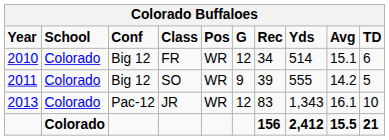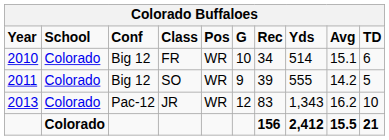 <table class="wikitable">
 <tr>
 <th colspan="15">Colorado Buffaloes</th>
 </tr>
 <tr>
 <td style="font-weight:bold;">Year</td>
 <td style="font-weight:bold;">School</td>
 <td style="font-weight:bold;">Conf</td>
 <td style="font-weight:bold;">Class</td>
 <td style="font-weight:bold;">Pos</td>
 <td style="font-weight:bold;">G</td>
 <td style="font-weight:bold;">Rec</td>
 <td style="font-weight:bold;">Yds</td>
 <td style="font-weight:bold;">Avg</td>
 <td style="font-weight:bold;">TD</td>
 </tr>
 <tr>
 <td><a href='#'>2010</a></td>
 <td><a href='#'>Colorado</a></td>
 <td>Big 12</td>
 <td>FR</td>
 <td>WR</td>
-<td>12</td>
+<td>10</td>
 <td>34</td>
 <td>514</td>
 <td>15.1</td>
 <td>6</td>
 </tr>
 <tr>
 <td><a href='#'>2011</a></td>
 <td><a href='#'>Colorado</a></td>
 <td>Big 12</td>
 <td>SO</td>
 <td>WR</td>
 <td>9</td>
 <td>39</td>
 <td>555</td>
 <td>14.2</td>
 <td>5</td>
 </tr>
 <tr>
 <td><a href='#'>2013</a></td>
 <td><a href='#'>Colorado</a></td>
 <td>Pac-12</td>
 <td>JR</td>
 <td>WR</td>
 <td>12</td>
 <td>83</td>
 <td>1,343</td>
-<td>16.1</td>
+<td>16.2</td>
 <td>10</td>
 </tr>
 <tr>
 <td style="font-weight:bold;"></td>
 <td style="font-weight:bold;">Colorado</td>
 <td style="font-weight:bold;"></td>
 <td style="font-weight:bold;"></td>
 <td style="font-weight:bold;"></td>
 <td style="font-weight:bold;"></td>
 <td style="font-weight:bold;">156</td>
 <td style="font-weight:bold;">2,412</td>
 <td style="font-weight:bold;">15.5</td>
 <td style="font-weight:bold;">21</td>
 </tr>
 </table>
